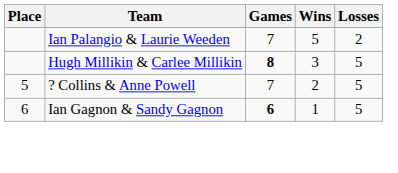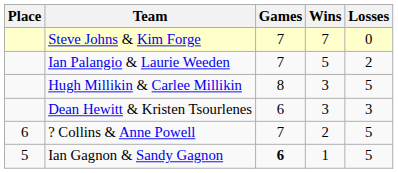 <table class="wikitable" style="text-align:center;">
 <tr>
 <th>Place</th>
 <th>Team</th>
 <th>Games</th>
 <th>Wins</th>
 <th>Losses</th>
+</tr>
+<tr bgcolor=#ffffcc>
+<td></td>
+<td align=left><a href='#'>Steve Johns</a> & <a href='#'>Kim Forge</a></td>
+<td>7</td>
+<td>7</td>
+<td>0</td>
 </tr>
 <tr>
 <td></td>
 <td align=left><a href='#'>Ian Palangio</a> & <a href='#'>Laurie Weeden</a></td>
 <td>7</td>
 <td>5</td>
 <td>2</td>
 </tr>
 <tr>
 <td></td>
 <td align=left><a href='#'>Hugh Millikin</a> & <a href='#'>Carlee Millikin</a></td>
-<td><strong>8</strong></td>
+<td>8</td>
 <td>3</td>
 <td>5</td>
 </tr>
 <tr>
-<td>5</td>
+<td></td>
+<td align=left><a href='#'>Dean Hewitt</a> & Kristen Tsourlenes</td>
+<td>6</td>
+<td>3</td>
+<td>3</td>
+</tr>
+<tr>
+<td>6</td>
 <td align=left>? Collins & <a href='#'>Anne Powell</a></td>
 <td>7</td>
 <td>2</td>
 <td>5</td>
 </tr>
 <tr>
-<td>6</td>
+<td>5</td>
 <td align=left>Ian Gagnon & <a href='#'>Sandy Gagnon</a></td>
 <td><strong>6</strong></td>
 <td>1</td>
 <td>5</td>
 </tr>
 </table>
